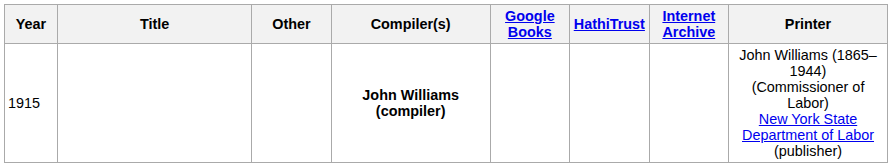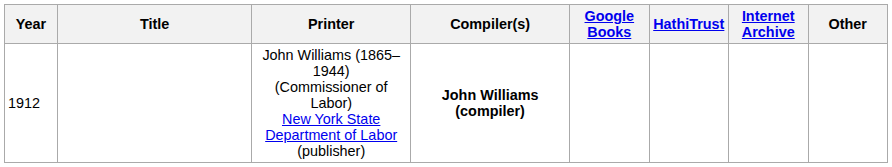 <table class="wikitable collapsible sortable" border="0" cellpadding="1" style="color:black; background-color: #FFFFFF; font-size: 90%; width:100%">
 <tr>
 <th>Year</th>
 <th>Title</th>
-<th>Other</th>
+<th>Printer</th>
 <th>Compiler(s)</th>
 <th><a href='#'>Google<br>Books</a></th>
 <th><a href='#'>HathiTrust</a></th>
 <th><a href='#'>Internet<br>Archive</a></th>
-<th>Printer</th>
+<th>Other</th>
 </tr>
 <tr>
-<td width="6%">1915</td>
+<td width="6%">1912</td>
 <td width="22%"></td>
-<td style="text-align:center" width="9%"></td>
+<td style="text-align:center" width="18%" data-sort-value="williams 1912">John Williams (1865–1944)<br>(Commissioner of Labor)<br><a href='#'>New York State Department of Labor</a><br>(publisher)</td>
 <td style="text-align:center" width="18%" data-sort-value="williams 1912"><strong>John Williams<br>(compiler)</strong></td>
 <td style="text-align:center" width="9%" data-sort-value="UC Berkeley"><br></td>
 <td style="text-align:center" width="9%"></td>
 <td style="text-align:center" width="9%"></td>
-<td style="text-align:center" width="18%" data-sort-value="williams 1912">John Williams (1865–1944)<br>(Commissioner of Labor)<br><a href='#'>New York State Department of Labor</a><br>(publisher)</td>
+<td style="text-align:center" width="9%"></td>
 </tr>
 </table>
